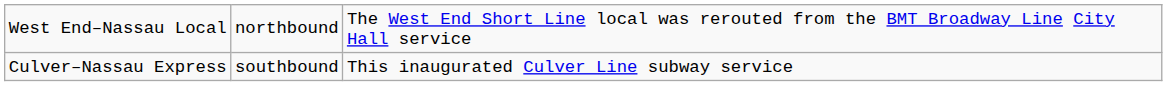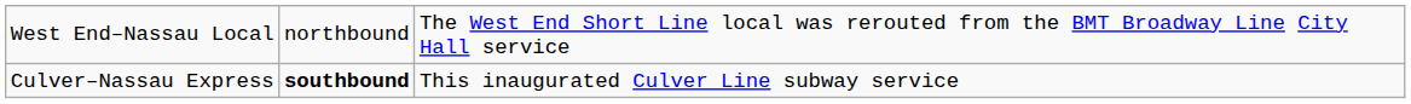 <table class="wikitable">
 <tr>
 <td nowrap>West End–Nassau Local</td>
 <td>northbound</td>
 <td>The <a href='#'>West End Short Line</a> local was rerouted from the <a href='#'>BMT Broadway Line</a> <a href='#'>City Hall</a> service</td>
 </tr>
 <tr>
 <td>Culver–Nassau Express</td>
-<td>southbound</td>
+<td><strong>southbound</strong></td>
 <td>This inaugurated <a href='#'>Culver Line</a> subway service</td>
 </tr>
 </table>
